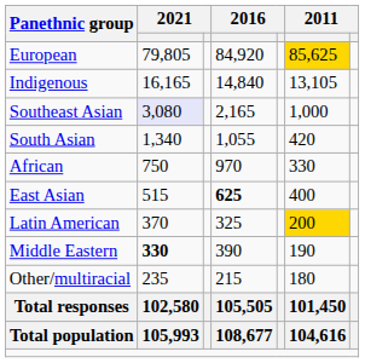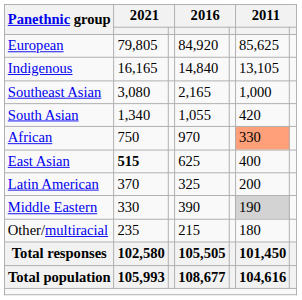 <table class="wikitable collapsible sortable">
 <tr>
 <th rowspan="2"><a href='#'>Panethnic</a> group</th>
 <th colspan="2">2021</th>
 <th colspan="2">2016</th>
 <th colspan="2">2011</th>
 </tr>
 <tr>
 <th><a href='#'></a></th>
 <th></th>
 <th></th>
 <th></th>
 <th></th>
 <th></th>
 </tr>
 <tr>
 <td><a href='#'>European</a></td>
 <td>79,805</td>
 <td></td>
 <td>84,920</td>
 <td></td>
-<td style="background: gold;">85,625</td>
+<td>85,625</td>
 <td></td>
 </tr>
 <tr>
 <td><a href='#'>Indigenous</a></td>
 <td>16,165</td>
 <td></td>
 <td>14,840</td>
 <td></td>
 <td>13,105</td>
 <td></td>
 </tr>
 <tr>
 <td><a href='#'>Southeast Asian</a></td>
-<td style="background: lavender;">3,080</td>
+<td>3,080</td>
 <td></td>
 <td>2,165</td>
 <td></td>
 <td>1,000</td>
 <td></td>
 </tr>
 <tr>
 <td><a href='#'>South Asian</a></td>
 <td>1,340</td>
 <td></td>
 <td>1,055</td>
 <td></td>
 <td>420</td>
 <td></td>
 </tr>
 <tr>
 <td><a href='#'>African</a></td>
 <td>750</td>
 <td></td>
 <td>970</td>
 <td></td>
-<td>330</td>
+<td style="background: lightsalmon;">330</td>
 <td></td>
 </tr>
 <tr>
 <td><a href='#'>East Asian</a></td>
-<td>515</td>
+<td><strong>515</strong></td>
 <td></td>
-<td><strong>625</strong></td>
+<td>625</td>
 <td></td>
 <td>400</td>
 <td></td>
 </tr>
 <tr>
 <td><a href='#'>Latin American</a></td>
 <td>370</td>
 <td></td>
 <td>325</td>
 <td></td>
-<td style="background: gold;">200</td>
+<td>200</td>
 <td></td>
 </tr>
 <tr>
 <td><a href='#'>Middle Eastern</a></td>
-<td><strong>330</strong></td>
+<td>330</td>
 <td></td>
 <td>390</td>
 <td></td>
-<td>190</td>
+<td style="background: lightgrey;">190</td>
 <td></td>
 </tr>
 <tr>
 <td>Other/<a href='#'>multiracial</a></td>
 <td>235</td>
 <td></td>
 <td>215</td>
 <td></td>
 <td>180</td>
 <td></td>
 </tr>
 <tr>
 <th>Total responses</th>
 <th>102,580</th>
 <th></th>
 <th>105,505</th>
 <th></th>
 <th>101,450</th>
 <th></th>
 </tr>
 <tr class="sortbottom">
 <th>Total population</th>
 <th>105,993</th>
 <th></th>
 <th>108,677</th>
 <th></th>
 <th>104,616</th>
 <th></th>
 </tr>
 <tr class="sortbottom">
 <td colspan="15"></td>
 </tr>
 </table>
